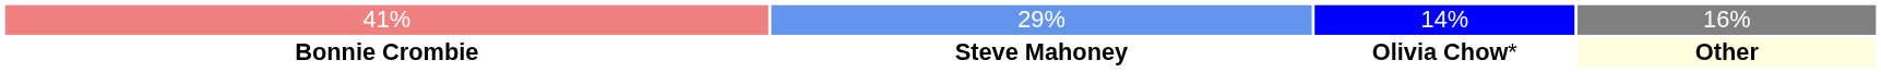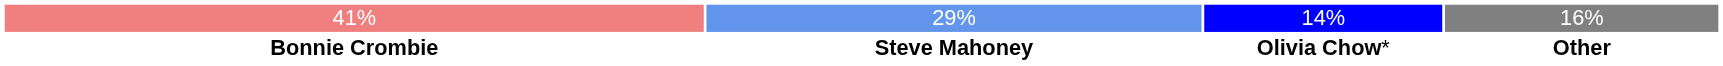 <table style="width:100%; text-align:center;">
 <tr style="color:white;">
 <td style="background:lightcoral; width:41%;">41%</td>
 <td style="background:cornflowerblue; width:29%;">29%</td>
 <td style="background:blue; width:14%;">14%</td>
 <td style="background:gray; width:16%;">16%</td>
 </tr>
 <tr>
 <td><span><strong>Bonnie Crombie</strong></span></td>
 <td><span><strong>Steve Mahoney</strong></span></td>
 <td><span><strong>Olivia Chow</strong>*</span></td>
-<td style="background: lightyellow;"><span><strong>Other</strong></span></td>
+<td><span><strong>Other</strong></span></td>
 </tr>
 </table>
